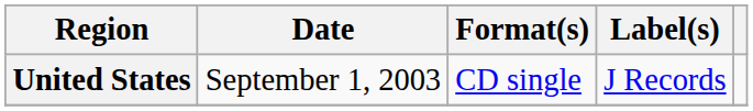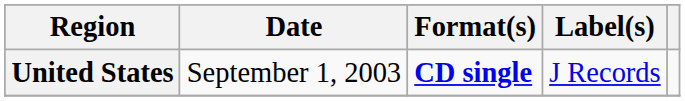 <table class="wikitable plainrowheaders" style="text-align:left">
 <tr>
 <th scope="col">Region</th>
 <th scope="col">Date</th>
 <th scope="col">Format(s)</th>
 <th scope="col">Label(s)</th>
 <th scope="col"></th>
 </tr>
 <tr>
 <th scope="row">United States</th>
 <td>September 1, 2003</td>
-<td><a href='#'>CD single</a></td>
+<td><strong><a href='#'>CD single</a></strong></td>
 <td rowspan="1"><a href='#'>J Records</a></td>
 <td style="text-align:center;"></td>
 </tr>
 <tr>
 </tr>
 </table>
